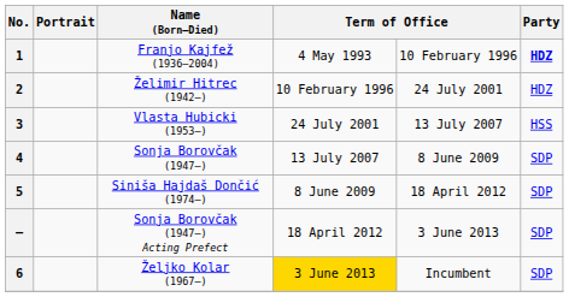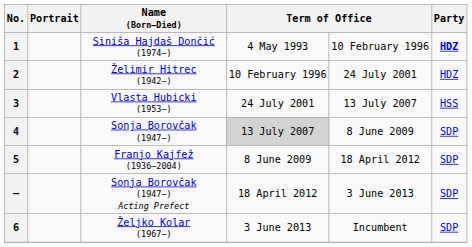 <table class="wikitable" style="text-align:center">
 <tr ->
 <th>No.</th>
 <th>Portrait</th>
 <th width=180>Name<br><small>(Born–Died)</small></th>
 <th colspan=2>Term of Office</th>
 <th>Party</th>
 </tr>
 <tr ->
 <th style="background:">1</th>
 <td></td>
-<td><a href='#'>Franjo Kajfež</a><br><small>(1936–2004)</small></td>
+<td><a href='#'>Siniša Hajdaš Dončić</a><br><small>(1974–)</small></td>
 <td>4 May 1993</td>
 <td>10 February 1996</td>
 <td><strong><a href='#'>HDZ</a></strong></td>
 </tr>
 <tr ->
 <th style="background:">2</th>
 <td></td>
 <td><a href='#'>Želimir Hitrec</a><br><small>(1942–)</small></td>
 <td>10 February 1996</td>
 <td>24 July 2001</td>
 <td><a href='#'>HDZ</a></td>
 </tr>
 <tr ->
 <th style="background:">3</th>
 <td></td>
 <td><a href='#'>Vlasta Hubicki</a><br><small>(1953–)</small></td>
 <td>24 July 2001</td>
 <td>13 July 2007</td>
 <td><a href='#'>HSS</a></td>
 </tr>
 <tr ->
 <th style="background:">4</th>
 <td></td>
 <td><a href='#'>Sonja Borovčak</a><br><small>(1947–)</small></td>
-<td>13 July 2007</td>
+<td style="background: lightgrey;">13 July 2007</td>
 <td>8 June 2009</td>
 <td><a href='#'>SDP</a></td>
 </tr>
 <tr ->
 <th style="background:">5</th>
 <td></td>
-<td><a href='#'>Siniša Hajdaš Dončić</a><br><small>(1974–)</small></td>
+<td><a href='#'>Franjo Kajfež</a><br><small>(1936–2004)</small></td>
 <td>8 June 2009</td>
 <td>18 April 2012</td>
 <td><a href='#'>SDP</a></td>
 </tr>
 <tr ->
 <th style="background:">—</th>
 <td></td>
 <td><a href='#'>Sonja Borovčak</a><br><small>(1947–)</small><br><small><em>Acting Prefect</em></small></td>
 <td>18 April 2012</td>
 <td>3 June 2013</td>
 <td><a href='#'>SDP</a></td>
 </tr>
 <tr ->
 <th style="background:">6</th>
 <td></td>
 <td><a href='#'>Željko Kolar</a><br><small>(1967–)</small></td>
-<td style="background: gold;">3 June 2013</td>
+<td>3 June 2013</td>
 <td>Incumbent</td>
 <td><a href='#'>SDP</a></td>
 </tr>
 <tr ->
 </tr>
 </table>
